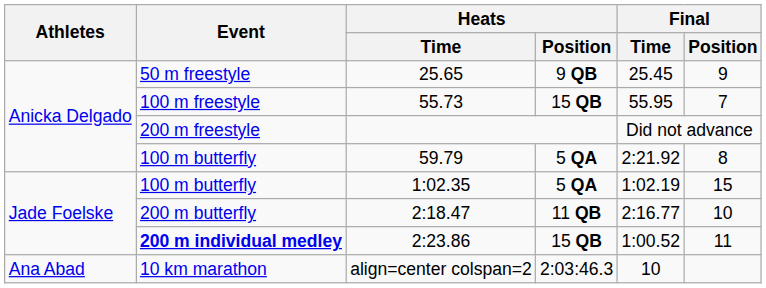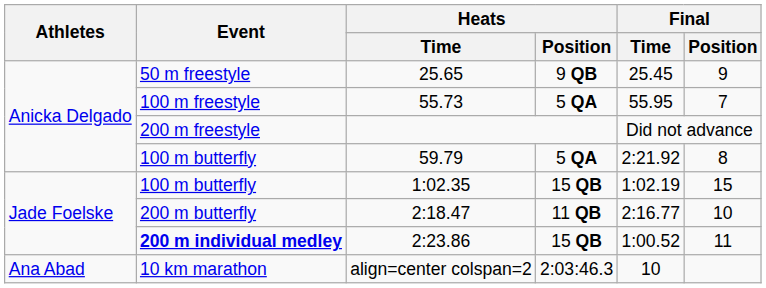 <table class="wikitable" border="1" style="font-size:90%">
 <tr>
 <th rowspan=2>Athletes</th>
 <th rowspan=2>Event</th>
 <th colspan=2>Heats</th>
 <th colspan=2>Final</th>
 </tr>
 <tr>
 <th>Time</th>
 <th>Position</th>
 <th>Time</th>
 <th>Position</th>
 </tr>
 <tr align=center>
 <td align=left rowspan=4><a href='#'>Anicka Delgado</a></td>
 <td align=left><a href='#'>50 m freestyle</a></td>
 <td>25.65</td>
 <td>9 <strong>QB</strong></td>
 <td>25.45</td>
 <td>9</td>
 </tr>
 <tr align=center>
 <td align=left><a href='#'>100 m freestyle</a></td>
 <td>55.73</td>
-<td>15 <strong>QB</strong></td>
+<td>5 <strong>QA</strong></td>
 <td>55.95</td>
 <td>7</td>
 </tr>
 <tr align=center>
 <td align=left><a href='#'>200 m freestyle</a></td>
 <td colspan=2></td>
 <td colspan=2>Did not advance</td>
 </tr>
 <tr align=center>
 <td align=left><a href='#'>100 m butterfly</a></td>
 <td>59.79</td>
 <td>5 <strong>QA</strong></td>
 <td>2:21.92</td>
 <td>8</td>
 </tr>
 <tr align=center>
 <td align=left rowspan=3><a href='#'>Jade Foelske</a></td>
 <td align=left><a href='#'>100 m butterfly</a></td>
 <td>1:02.35</td>
-<td>5 <strong>QA</strong></td>
+<td>15 <strong>QB</strong></td>
 <td>1:02.19</td>
 <td>15</td>
 </tr>
 <tr align=center>
 <td align=left><a href='#'>200 m butterfly</a></td>
 <td>2:18.47</td>
 <td>11 <strong>QB</strong></td>
 <td>2:16.77</td>
 <td>10</td>
 </tr>
 <tr align=center>
 <td align=left><strong><a href='#'>200 m individual medley</a></strong></td>
 <td>2:23.86</td>
 <td>15 <strong>QB</strong></td>
 <td>1:00.52</td>
 <td>11</td>
 </tr>
 <tr align=center>
 <td align=left><a href='#'>Ana Abad</a></td>
 <td align=left><a href='#'>10 km marathon</a></td>
 <td>align=center colspan=2 </td>
 <td>2:03:46.3</td>
 <td>10</td>
 </tr>
 </table>
